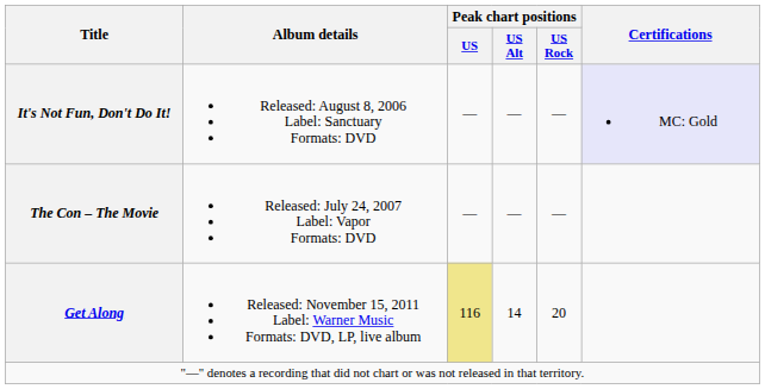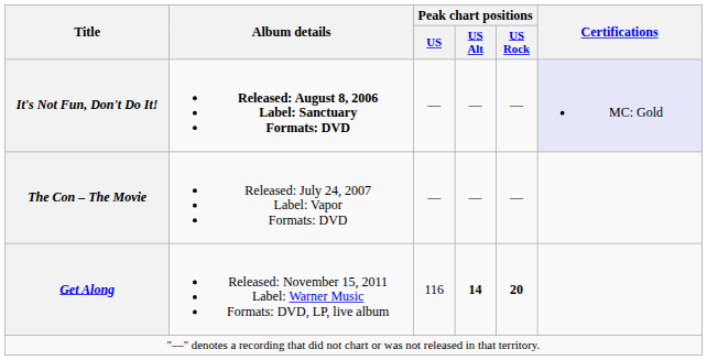 <table class="wikitable plainrowheaders" style="text-align:center;">
 <tr>
 <th scope="col" rowspan="2" style="width:12em;">Title</th>
 <th scope="col" rowspan="2" style="width:18em;">Album details</th>
 <th scope="col" colspan="3">Peak chart positions</th>
 <th scope="col" rowspan="2" style="width:12em;"><a href='#'>Certifications</a></th>
 </tr>
 <tr>
 <th scope="col" style="width:3em;font-size:90%"><a href='#'>US</a><br></th>
 <th scope="col" style="width:3em;font-size:90%"><a href='#'>US<br>Alt</a><br></th>
 <th scope="col" style="width:3em;font-size:90%"><a href='#'>US Rock</a><br></th>
 </tr>
 <tr>
 <th scope="row"><em>It's Not Fun, Don't Do It!</em></th>
-<td><br><ul><li>Released: August 8, 2006</li><li>Label: Sanctuary</li><li>Formats: DVD</li></ul></td>
+<td><strong><br><ul><li>Released: August 8, 2006</li><li>Label: Sanctuary</li><li>Formats: DVD</li></ul></strong></td>
 <td>—</td>
 <td>—</td>
 <td>—</td>
 <td style="background: lavender;"><br><ul><li>MC: Gold</li></ul></td>
 </tr>
 <tr>
 <th scope="row"><em>The Con – The Movie</em></th>
 <td><br><ul><li>Released: July 24, 2007</li><li>Label: Vapor</li><li>Formats: DVD</li></ul></td>
 <td>—</td>
 <td>—</td>
 <td>—</td>
 <td></td>
 </tr>
 <tr>
 <th scope="row"><em><a href='#'>Get Along</a></em></th>
 <td><br><ul><li>Released: November 15, 2011</li><li>Label: <a href='#'>Warner Music</a></li><li>Formats: DVD, LP, live album</li></ul></td>
-<td style="background: khaki;">116</td>
-<td>14</td>
-<td>20</td>
+<td>116</td>
+<td><strong>14</strong></td>
+<td><strong>20</strong></td>
 <td></td>
 </tr>
 <tr>
 <td colspan="10" style="font-size:90%">"—" denotes a recording that did not chart or was not released in that territory.</td>
 </tr>
 </table>
